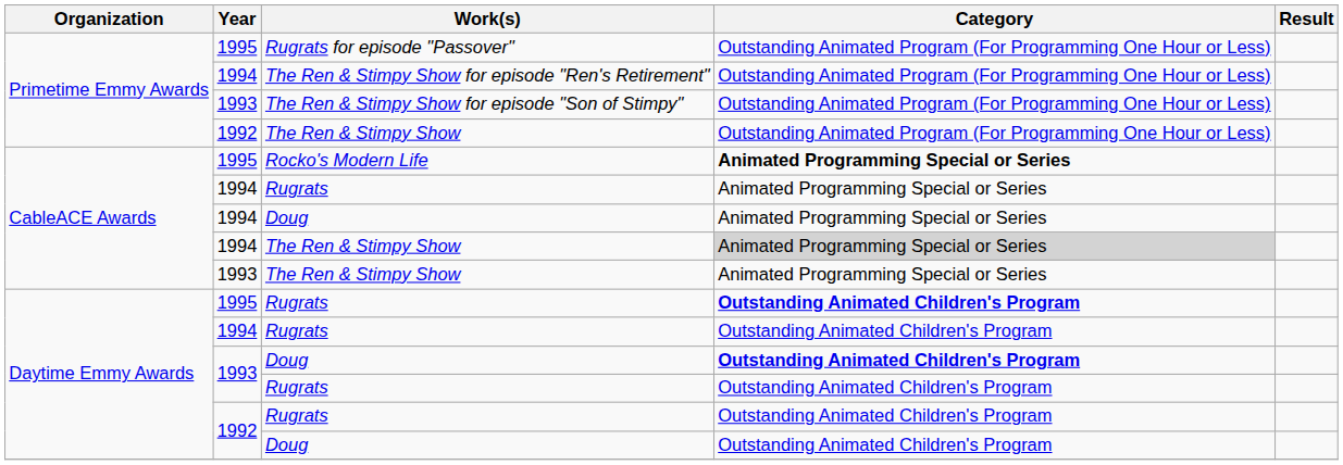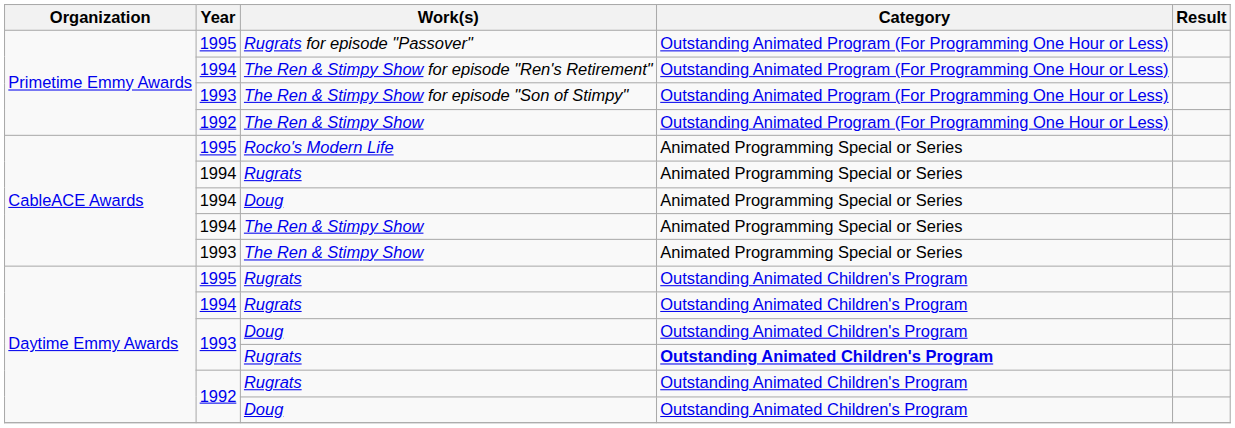 <table class="wikitable plainrowheaders sortable" style="margin-right: 0;">
 <tr>
 <th scope="col">Organization</th>
 <th scope="col">Year</th>
 <th scope="col">Work(s)</th>
 <th scope="col">Category</th>
 <th scope="col">Result</th>
 </tr>
 <tr>
 <td rowspan="4"><a href='#'>Primetime Emmy Awards</a></td>
 <td><a href='#'>1995</a></td>
 <td><em><a href='#'>Rugrats</a> for episode "Passover"</em></td>
 <td><a href='#'>Outstanding Animated Program (For Programming One Hour or Less)</a></td>
 <td></td>
 </tr>
 <tr>
 <td><a href='#'>1994</a></td>
 <td><em><a href='#'>The Ren & Stimpy Show</a> for episode "Ren's Retirement"</em></td>
 <td><a href='#'>Outstanding Animated Program (For Programming One Hour or Less)</a></td>
 <td></td>
 </tr>
 <tr>
 <td><a href='#'>1993</a></td>
 <td><em><a href='#'>The Ren & Stimpy Show</a> for episode "Son of Stimpy"</em></td>
 <td><a href='#'>Outstanding Animated Program (For Programming One Hour or Less)</a></td>
 <td></td>
 </tr>
 <tr>
 <td><a href='#'>1992</a></td>
 <td><em><a href='#'>The Ren & Stimpy Show</a></em></td>
 <td><a href='#'>Outstanding Animated Program (For Programming One Hour or Less)</a></td>
 <td></td>
 </tr>
 <tr>
 <td rowspan="5"><a href='#'>CableACE Awards</a></td>
 <td><a href='#'>1995</a></td>
 <td><em><a href='#'>Rocko's Modern Life</a></em></td>
-<td><strong>Animated Programming Special or Series</strong></td>
+<td>Animated Programming Special or Series</td>
 <td></td>
 </tr>
 <tr>
 <td>1994</td>
 <td><em><a href='#'>Rugrats</a></em></td>
 <td>Animated Programming Special or Series</td>
 <td></td>
 </tr>
 <tr>
 <td>1994</td>
 <td><em><a href='#'>Doug</a></em></td>
 <td>Animated Programming Special or Series</td>
 <td></td>
 </tr>
 <tr>
 <td>1994</td>
 <td><em><a href='#'>The Ren & Stimpy Show</a></em></td>
-<td style="background: lightgrey;">Animated Programming Special or Series</td>
+<td>Animated Programming Special or Series</td>
 <td></td>
 </tr>
 <tr>
 <td>1993</td>
 <td><em><a href='#'>The Ren & Stimpy Show</a></em></td>
 <td>Animated Programming Special or Series</td>
 <td></td>
 </tr>
 <tr>
 <td rowspan="6"><a href='#'>Daytime Emmy Awards</a></td>
 <td><a href='#'>1995</a></td>
 <td><em><a href='#'>Rugrats</a></em></td>
-<td><strong><a href='#'>Outstanding Animated Children's Program</a></strong></td>
+<td><a href='#'>Outstanding Animated Children's Program</a></td>
 <td></td>
 </tr>
 <tr>
 <td><a href='#'>1994</a></td>
 <td><em><a href='#'>Rugrats</a></em></td>
 <td><a href='#'>Outstanding Animated Children's Program</a></td>
 <td></td>
 </tr>
 <tr>
 <td rowspan="2"><a href='#'>1993</a></td>
 <td><em><a href='#'>Doug</a></em></td>
-<td><strong><a href='#'>Outstanding Animated Children's Program</a></strong></td>
+<td><a href='#'>Outstanding Animated Children's Program</a></td>
 <td></td>
 </tr>
 <tr>
 <td><em><a href='#'>Rugrats</a></em></td>
-<td><a href='#'>Outstanding Animated Children's Program</a></td>
+<td><strong><a href='#'>Outstanding Animated Children's Program</a></strong></td>
 <td></td>
 </tr>
 <tr>
 <td rowspan="2"><a href='#'>1992</a></td>
 <td><em><a href='#'>Rugrats</a></em></td>
 <td><a href='#'>Outstanding Animated Children's Program</a></td>
 <td></td>
 </tr>
 <tr>
 <td><em><a href='#'>Doug</a></em></td>
 <td><a href='#'>Outstanding Animated Children's Program</a></td>
 <td></td>
 </tr>
 <tr>
 </tr>
 </table>
